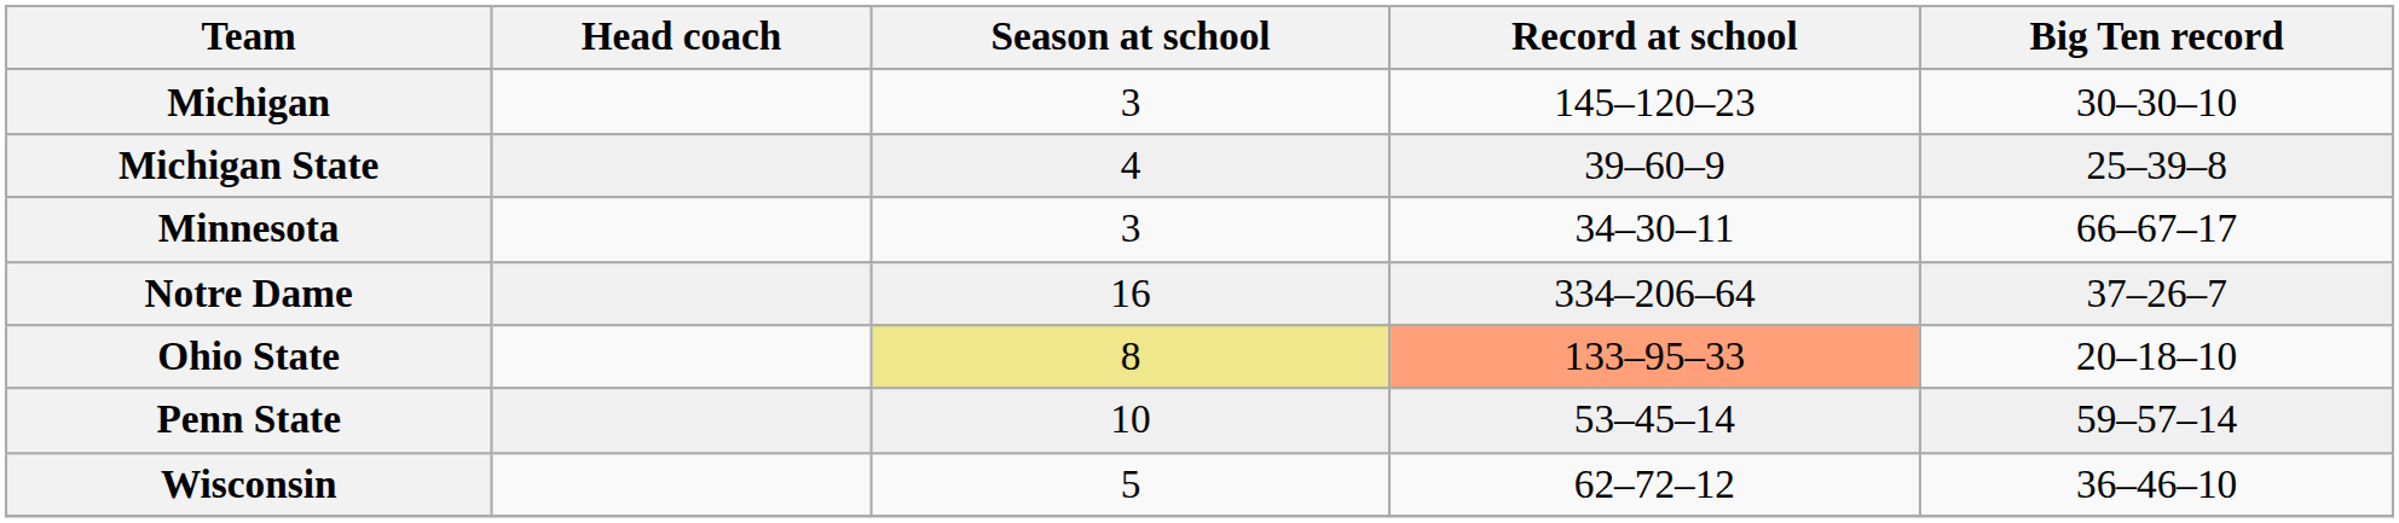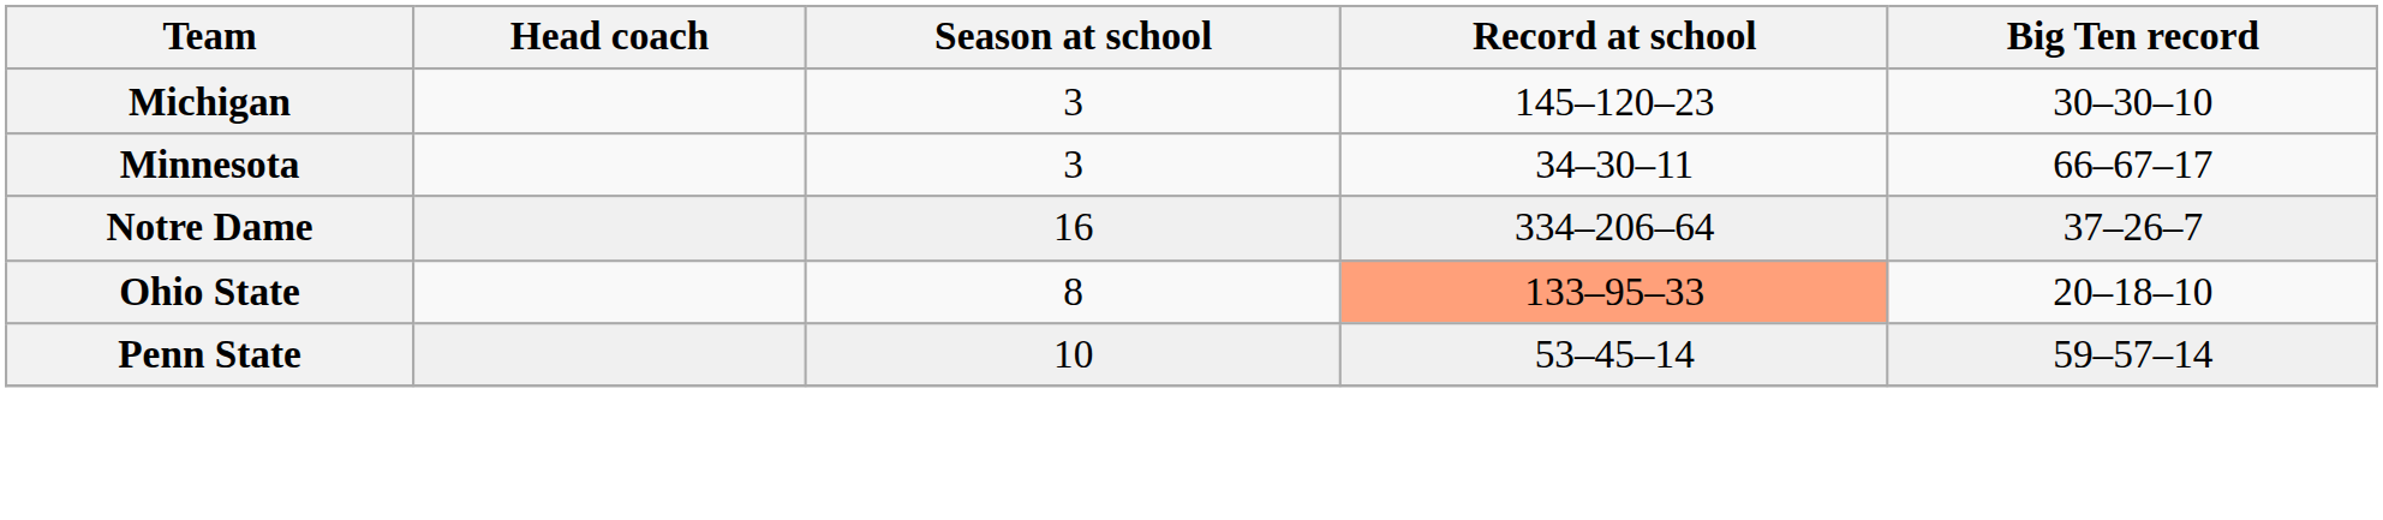 <table class="wikitable sortable" style="text-align: center; "width=60%">
 <tr>
 <th>Team</th>
 <th>Head coach</th>
 <th>Season at school</th>
 <th>Record at school</th>
 <th>Big Ten record</th>
 </tr>
 <tr>
 <th>Michigan</th>
 <td></td>
 <td>3</td>
 <td>145–120–23</td>
 <td>30–30–10</td>
-</tr>
-<tr bgcolor=f0f0f0>
-<th>Michigan State</th>
-<td></td>
-<td>4</td>
-<td>39–60–9</td>
-<td>25–39–8</td>
 </tr>
 <tr>
 <th>Minnesota</th>
 <td></td>
 <td>3</td>
 <td>34–30–11</td>
 <td>66–67–17</td>
 </tr>
 <tr bgcolor=f0f0f0>
 <th>Notre Dame</th>
 <td></td>
 <td>16</td>
 <td>334–206–64</td>
 <td>37–26–7</td>
 </tr>
 <tr>
 <th>Ohio State</th>
 <td></td>
-<td style="background: khaki;">8</td>
+<td>8</td>
 <td style="background: lightsalmon;">133–95–33</td>
 <td>20–18–10</td>
 </tr>
 <tr bgcolor=f0f0f0>
 <th>Penn State</th>
 <td></td>
 <td>10</td>
 <td>53–45–14</td>
 <td>59–57–14</td>
 </tr>
 <tr>
-<th>Wisconsin</th>
-<td></td>
-<td>5</td>
-<td>62–72–12</td>
-<td>36–46–10</td>
-</tr>
-<tr>
 </tr>
 </table>
